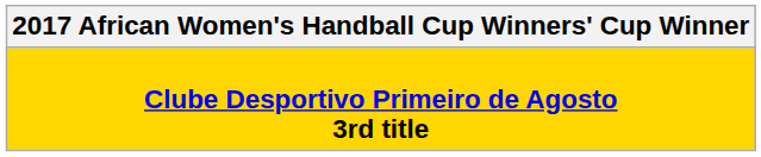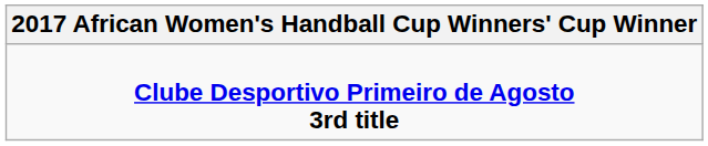 <table class=wikitable style="text-align:center; margin:auto">
 <tr>
 <th>2017 African Women's Handball Cup Winners' Cup Winner</th>
 </tr>
 <tr>
-<td style="background: gold;"><br><strong><a href='#'>Clube Desportivo Primeiro de Agosto</a></strong><br><strong>3rd title</strong></td>
+<td><br><strong><a href='#'>Clube Desportivo Primeiro de Agosto</a></strong><br><strong>3rd title</strong></td>
 </tr>
 </table>
